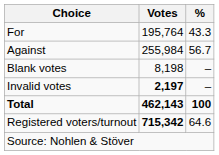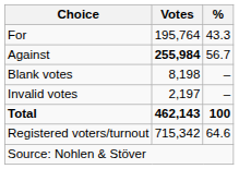 <table class=wikitable style=text-align:right>
 <tr>
 <th>Choice</th>
 <th>Votes</th>
 <th>%</th>
 </tr>
 <tr>
 <td align=left>For</td>
 <td>195,764</td>
 <td>43.3</td>
 </tr>
 <tr>
 <td align=left>Against</td>
-<td>255,984</td>
+<td><strong>255,984</strong></td>
 <td>56.7</td>
 </tr>
 <tr>
 <td align=left>Blank votes</td>
 <td>8,198</td>
 <td>–</td>
 </tr>
 <tr>
 <td align=left>Invalid votes</td>
-<td><strong>2,197</strong></td>
+<td>2,197</td>
 <td>–</td>
 </tr>
 <tr>
 <td align=left><strong>Total</strong></td>
 <td><strong>462,143</strong></td>
 <td><strong>100</strong></td>
 </tr>
 <tr>
 <td align=left>Registered voters/turnout</td>
-<td><strong>715,342</strong></td>
+<td>715,342</td>
 <td>64.6</td>
 </tr>
 <tr>
 <td align=left colspan=3>Source: Nohlen & Stöver</td>
 </tr>
 </table>
